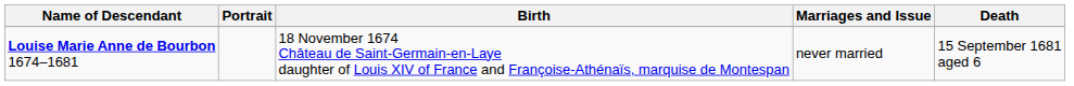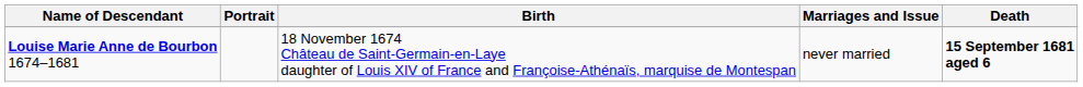 <table class="wikitable">
 <tr ->
 <th>Name of Descendant</th>
 <th>Portrait</th>
 <th>Birth</th>
 <th>Marriages and Issue</th>
 <th>Death</th>
 </tr>
 <tr ->
 </tr>
 <tr>
 <td><strong><a href='#'>Louise Marie Anne de Bourbon</a></strong><br>1674–1681</td>
 <td></td>
 <td>18 November 1674<br><a href='#'>Château de Saint-Germain-en-Laye</a><br>daughter of <a href='#'>Louis XIV of France</a> and <a href='#'>Françoise-Athénaïs, marquise de Montespan</a></td>
 <td>never married</td>
-<td>15 September 1681<br>aged 6</td>
+<td><strong>15 September 1681<br>aged 6</strong></td>
 </tr>
 </table>
